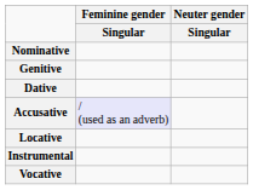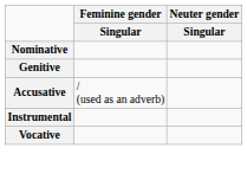 <table class="wikitable">
 <tr>
 <td rowspan="2"></td>
 <th>Feminine gender</th>
 <th>Neuter gender</th>
 </tr>
 <tr>
 <th>Singular</th>
 <th>Singular</th>
 </tr>
 <tr>
 <th>Nominative</th>
 <td></td>
 <td></td>
 </tr>
 <tr>
 <th>Genitive</th>
 <td></td>
 <td></td>
 </tr>
 <tr>
-<th>Dative</th>
-<td></td>
-<td></td>
-</tr>
-<tr>
 <th>Accusative</th>
-<td style="background: lavender;"> /<br> (used as an adverb)</td>
-<td></td>
-</tr>
-<tr>
-<th>Locative</th>
-<td></td>
+<td> /<br> (used as an adverb)</td>
 <td></td>
 </tr>
 <tr>
 <th>Instrumental</th>
 <td></td>
 <td></td>
 </tr>
 <tr>
 <th>Vocative</th>
 <td></td>
 <td></td>
 </tr>
 </table>
